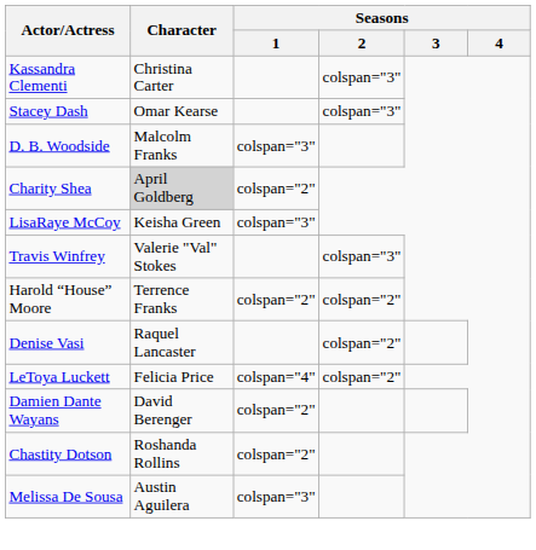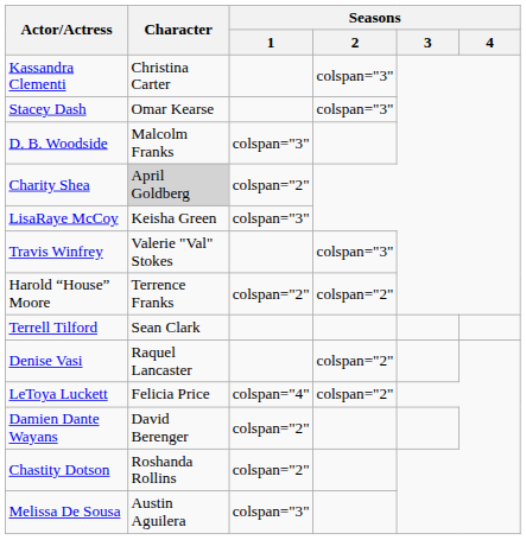 <table class="wikitable" width="60%">
 <tr>
 <th colspan="1" rowspan="2">Actor/Actress</th>
 <th colspan="1" rowspan="2">Character</th>
 <th colspan="4">Seasons</th>
 </tr>
 <tr>
 <th style="width:12%;">1</th>
 <th style="width:12%;">2</th>
 <th style="width:12%;">3</th>
 <th style="width:12%;">4</th>
 </tr>
 <tr>
 <td><a href='#'>Kassandra Clementi</a></td>
 <td>Christina Carter</td>
 <td></td>
 <td>colspan="3" </td>
 </tr>
 <tr>
 <td><a href='#'>Stacey Dash</a></td>
 <td>Omar Kearse</td>
 <td></td>
 <td>colspan="3" </td>
 </tr>
 <tr>
 <td><a href='#'>D. B. Woodside</a></td>
 <td>Malcolm Franks</td>
 <td>colspan="3" </td>
 <td></td>
 </tr>
 <tr>
 <td><a href='#'>Charity Shea</a></td>
 <td style="background: lightgrey;">April Goldberg</td>
 <td>colspan="2" </td>
 </tr>
 <tr>
 <td><a href='#'>LisaRaye McCoy</a></td>
 <td>Keisha Green</td>
 <td>colspan="3" </td>
 </tr>
 <tr>
 <td><a href='#'>Travis Winfrey</a></td>
 <td>Valerie "Val" Stokes</td>
 <td></td>
 <td>colspan="3" </td>
 </tr>
 <tr>
 <td>Harold “House” Moore</td>
 <td>Terrence Franks</td>
 <td>colspan="2" </td>
 <td>colspan="2" </td>
 </tr>
 <tr>
+<td><a href='#'>Terrell Tilford</a></td>
+<td>Sean Clark</td>
+<td></td>
+<td></td>
+<td></td>
+<td></td>
+</tr>
+<tr>
 <td><a href='#'>Denise Vasi</a></td>
 <td>Raquel Lancaster</td>
 <td></td>
 <td>colspan="2" </td>
 <td></td>
 </tr>
 <tr>
 <td><a href='#'>LeToya Luckett</a></td>
 <td>Felicia Price</td>
 <td>colspan="4" </td>
 <td>colspan="2" </td>
 </tr>
 <tr>
 <td><a href='#'>Damien Dante Wayans</a></td>
 <td>David Berenger</td>
 <td>colspan="2" </td>
 <td></td>
 <td></td>
 </tr>
 <tr>
 <td><a href='#'>Chastity Dotson</a></td>
 <td>Roshanda Rollins</td>
 <td>colspan="2" </td>
 <td></td>
 </tr>
 <tr>
 <td><a href='#'>Melissa De Sousa</a></td>
 <td>Austin Aguilera</td>
 <td>colspan="3" </td>
 <td></td>
 </tr>
 </table>
